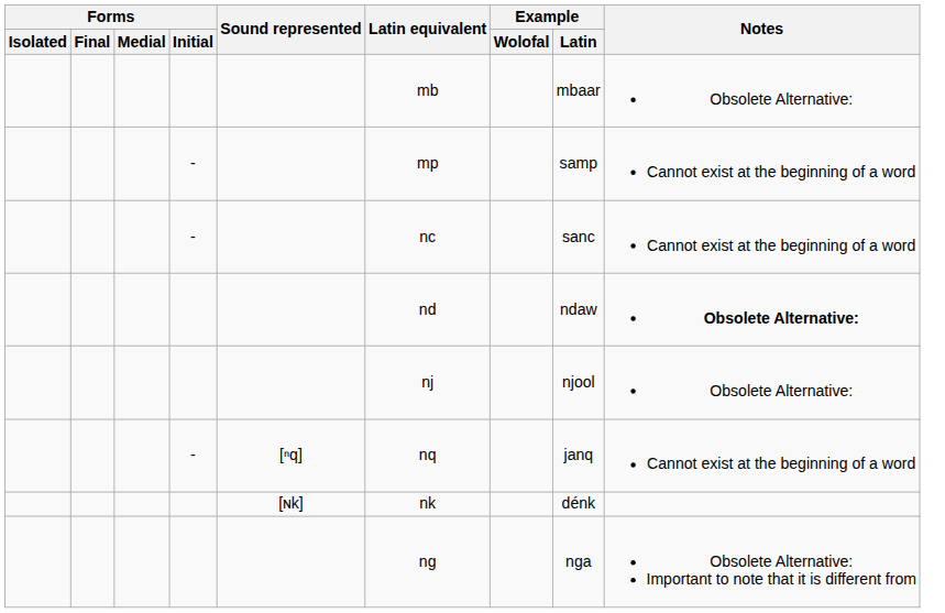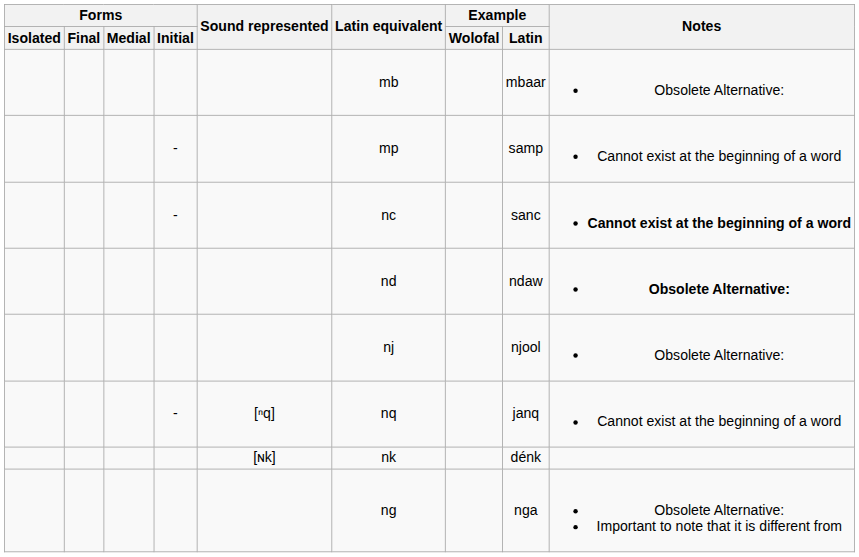 <table class="wikitable" style="text-align: center;">
 <tr>
 <th colspan="4">Forms</th>
 <th rowspan="2">Sound represented</th>
 <th rowspan="2">Latin equivalent</th>
 <th colspan="2">Example</th>
 <th rowspan="2">Notes</th>
 </tr>
 <tr>
 <th>Isolated</th>
 <th>Final</th>
 <th>Medial</th>
 <th>Initial</th>
 <th>Wolofal</th>
 <th>Latin</th>
 </tr>
 <tr>
 <td><span></span></td>
 <td><span></span></td>
 <td><span></span></td>
 <td><span></span></td>
 <td></td>
 <td>mb</td>
 <td><span></span></td>
 <td>mbaar</td>
 <td><br><ul><li>Obsolete Alternative: <span></span></li></ul></td>
 </tr>
 <tr>
 <td><span></span></td>
 <td><span></span></td>
 <td><span></span></td>
 <td>-</td>
 <td></td>
 <td>mp</td>
 <td><span></span></td>
 <td>samp</td>
 <td><br><ul><li>Cannot exist at the beginning of a word</li></ul></td>
 </tr>
 <tr>
 <td><span></span></td>
 <td><span></span></td>
 <td><span></span></td>
 <td>-</td>
 <td></td>
 <td>nc</td>
 <td><span></span></td>
 <td>sanc</td>
-<td><br><ul><li>Cannot exist at the beginning of a word</li></ul></td>
+<td><strong><br><ul><li>Cannot exist at the beginning of a word</li></ul></strong></td>
 </tr>
 <tr>
 <td><span></span></td>
 <td><span></span></td>
 <td><span></span></td>
 <td><span></span></td>
 <td></td>
 <td>nd</td>
 <td><span></span></td>
 <td>ndaw</td>
 <td><strong><br><ul><li>Obsolete Alternative: <span></span></li></ul></strong></td>
 </tr>
 <tr>
 <td><span></span></td>
 <td><span></span></td>
 <td><span></span></td>
 <td><span></span></td>
 <td></td>
 <td>nj</td>
 <td><span></span></td>
 <td>njool</td>
 <td><br><ul><li>Obsolete Alternative: <span></span></li></ul></td>
 </tr>
 <tr>
 <td><span></span></td>
 <td><span></span></td>
 <td><span></span></td>
 <td>-</td>
 <td>[ⁿq]</td>
 <td>nq</td>
 <td><span></span></td>
 <td>janq</td>
 <td><br><ul><li>Cannot exist at the beginning of a word</li></ul></td>
 </tr>
 <tr>
 <td><span></span></td>
 <td><span></span></td>
 <td><span></span></td>
 <td><span></span></td>
 <td>[ɴk]</td>
 <td>nk</td>
 <td><span></span></td>
 <td>dénk</td>
 <td></td>
 </tr>
 <tr>
 <td><span></span></td>
 <td><span></span></td>
 <td><span></span></td>
 <td><span></span></td>
 <td></td>
 <td>ng</td>
 <td><span></span></td>
 <td>nga</td>
 <td><br><ul><li>Obsolete Alternative: <span></span></li><li>Important to note that it is different from <span></span></li></ul></td>
 </tr>
 </table>
